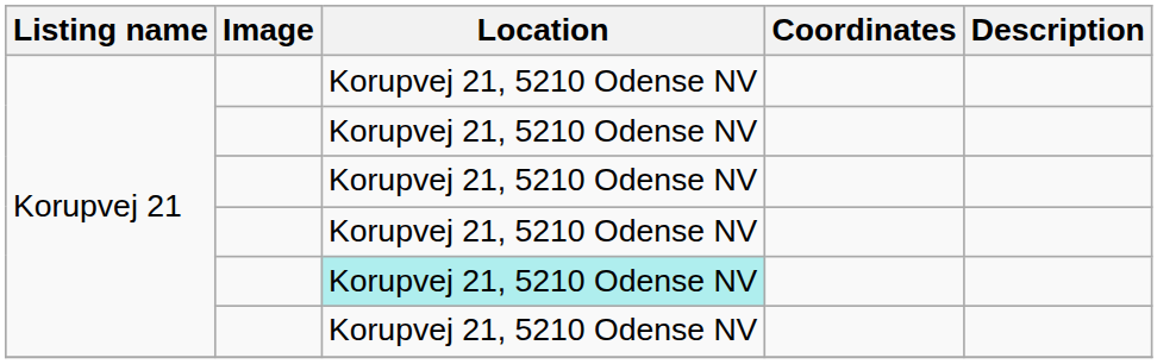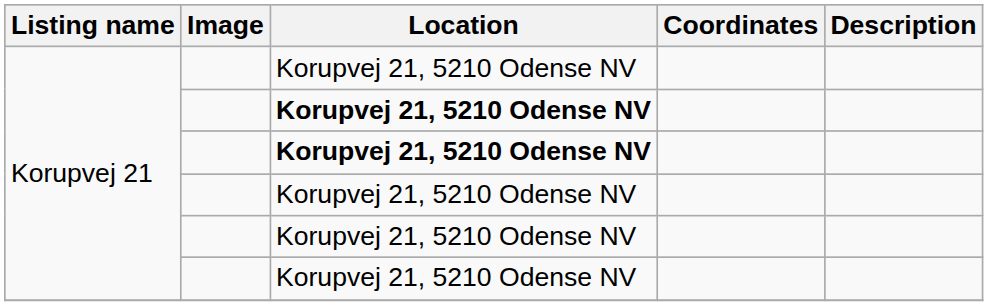 <table class="wikitable sortable">
 <tr>
 <th>Listing name</th>
 <th>Image</th>
 <th>Location</th>
 <th>Coordinates</th>
 <th>Description</th>
 </tr>
 <tr>
 <td rowspan="6">Korupvej 21</td>
 <td></td>
 <td>Korupvej 21, 5210 Odense NV</td>
+<td></td>
+<td></td>
+</tr>
+<tr>
+<td></td>
+<td><strong>Korupvej 21, 5210 Odense NV</strong></td>
+<td></td>
+<td></td>
+</tr>
+<tr>
+<td></td>
+<td><strong>Korupvej 21, 5210 Odense NV</strong></td>
 <td></td>
 <td></td>
 </tr>
 <tr>
 <td></td>
 <td>Korupvej 21, 5210 Odense NV</td>
 <td></td>
 <td></td>
 </tr>
 <tr>
 <td></td>
 <td>Korupvej 21, 5210 Odense NV</td>
 <td></td>
 <td></td>
 </tr>
 <tr>
 <td></td>
 <td>Korupvej 21, 5210 Odense NV</td>
 <td></td>
 <td></td>
 </tr>
 <tr>
-<td></td>
-<td style="background: paleturquoise;">Korupvej 21, 5210 Odense NV</td>
-<td></td>
-<td></td>
-</tr>
-<tr>
-<td></td>
-<td>Korupvej 21, 5210 Odense NV</td>
-<td></td>
-<td></td>
-</tr>
-<tr>
 </tr>
 </table>
